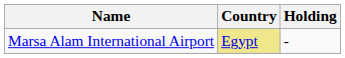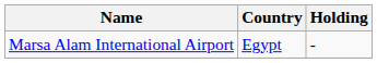 <table class="wikitable">
 <tr>
 <th>Name</th>
 <th>Country</th>
 <th>Holding</th>
 </tr>
 <tr>
 <td><a href='#'>Marsa Alam International Airport</a></td>
-<td style="background: khaki;"> <a href='#'>Egypt</a></td>
+<td> <a href='#'>Egypt</a></td>
 <td>-</td>
 </tr>
 <tr>
 </tr>
 </table>
